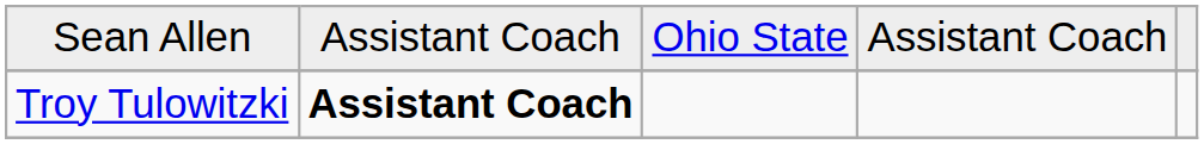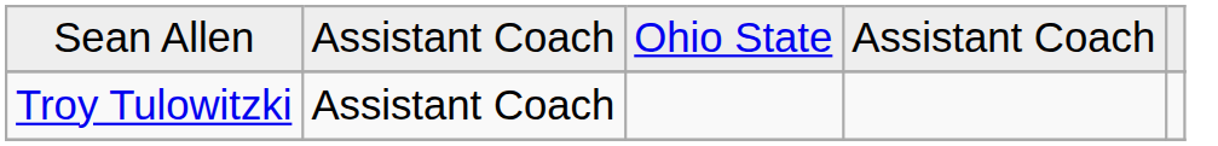 <table class="wikitable">
 <tr align=center style="background:#eeeeee;">
 <td>Sean Allen</td>
 <td>Assistant Coach</td>
 <td><a href='#'>Ohio State</a></td>
 <td>Assistant Coach</td>
 <td></td>
 </tr>
 <tr>
 </tr>
 <tr align=center>
 <td><a href='#'>Troy Tulowitzki</a></td>
-<td><strong>Assistant Coach</strong></td>
+<td>Assistant Coach</td>
 <td></td>
 <td></td>
 <td></td>
 </tr>
 <tr>
 </tr>
 </table>
